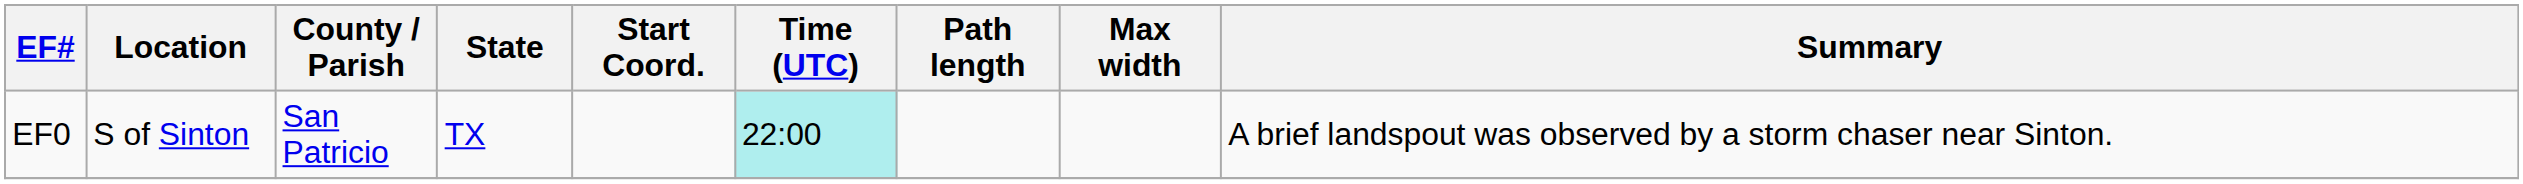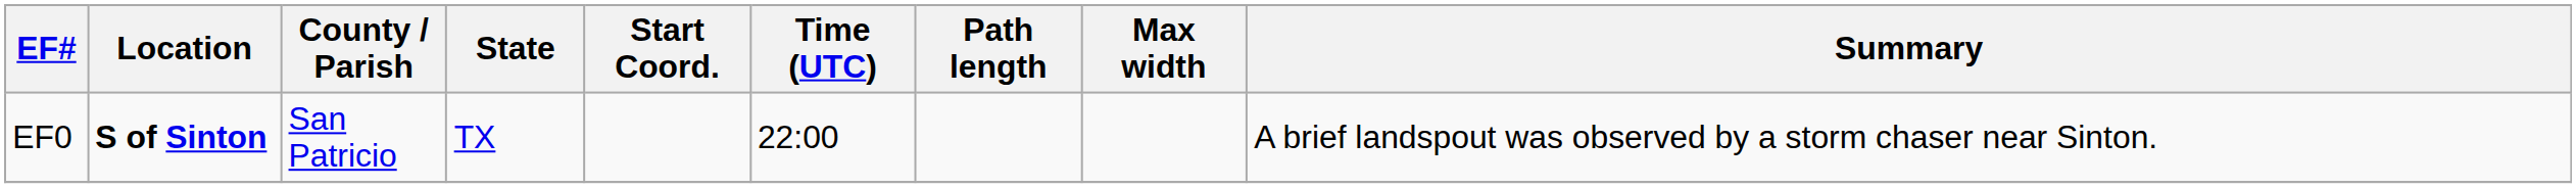 <table class="wikitable sortable" style="width:100%;">
 <tr>
 <th scope="col"  style="width:3%; text-align:center;"><a href='#'>EF#</a></th>
 <th scope="col"  style="width:7%; text-align:center;" class="unsortable">Location</th>
 <th scope="col"  style="width:6%; text-align:center;" class="unsortable">County / Parish</th>
 <th scope="col"  style="width:5%; text-align:center;">State</th>
 <th scope="col"  style="width:6%; text-align:center;">Start Coord.</th>
 <th scope="col"  style="width:6%; text-align:center;">Time (<a href='#'>UTC</a>)</th>
 <th scope="col"  style="width:6%; text-align:center;">Path length</th>
 <th scope="col"  style="width:6%; text-align:center;">Max width</th>
 <th scope="col" class="unsortable" style="width:48%; text-align:center;">Summary</th>
 </tr>
 <tr>
 <td>EF0</td>
-<td>S of <a href='#'>Sinton</a></td>
+<td><strong>S of <a href='#'>Sinton</a></strong></td>
 <td><a href='#'>San Patricio</a></td>
 <td><a href='#'>TX</a></td>
 <td></td>
-<td style="background: paleturquoise;">22:00</td>
+<td>22:00</td>
 <td></td>
 <td></td>
 <td>A brief landspout was observed by a storm chaser near Sinton.</td>
 </tr>
 <tr>
 </tr>
 </table>
